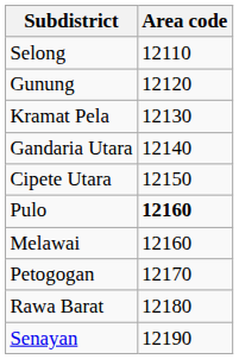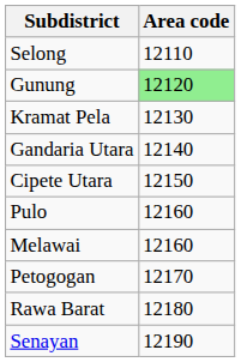 <table class="wikitable">
 <tr>
 <th>Subdistrict</th>
 <th>Area code</th>
 </tr>
 <tr>
 <td>Selong</td>
 <td>12110</td>
 </tr>
 <tr>
 <td>Gunung</td>
-<td>12120</td>
+<td style="background: lightgreen;">12120</td>
 </tr>
 <tr>
 <td>Kramat Pela</td>
 <td>12130</td>
 </tr>
 <tr>
 <td>Gandaria Utara</td>
 <td>12140</td>
 </tr>
 <tr>
 <td>Cipete Utara</td>
 <td>12150</td>
 </tr>
 <tr>
 <td>Pulo</td>
-<td><strong>12160</strong></td>
+<td>12160</td>
 </tr>
 <tr>
 <td>Melawai</td>
 <td>12160</td>
 </tr>
 <tr>
 <td>Petogogan</td>
 <td>12170</td>
 </tr>
 <tr>
 <td>Rawa Barat</td>
 <td>12180</td>
 </tr>
 <tr>
 <td><a href='#'>Senayan</a></td>
 <td>12190</td>
 </tr>
 </table>
